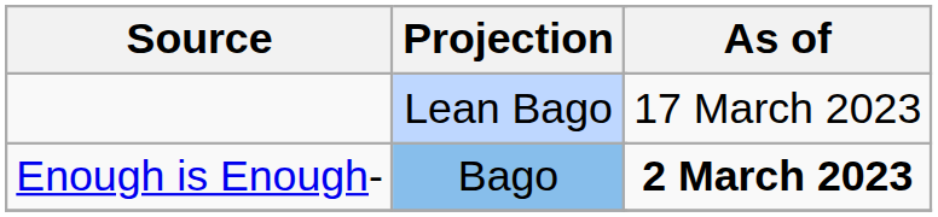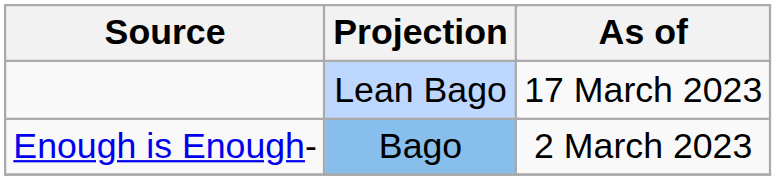 <table class="wikitable" style="text-align:center">
 <tr>
 <th>Source</th>
 <th colspan=2>Projection</th>
 <th>As of</th>
 </tr>
 <tr>
 <td align="left"></td>
 <td colspan=2 bgcolor=#bed7ff>Lean Bago</td>
 <td>17 March 2023</td>
 </tr>
 <tr>
 <td align="left"><a href='#'>Enough is Enough</a>-<br></td>
 <td colspan=2 bgcolor=#87BEEB>Bago</td>
-<td><strong>2 March 2023</strong></td>
+<td>2 March 2023</td>
 </tr>
 <tr>
 </tr>
 </table>
